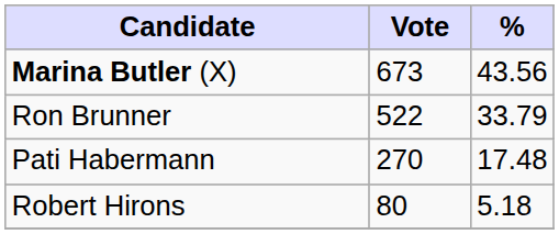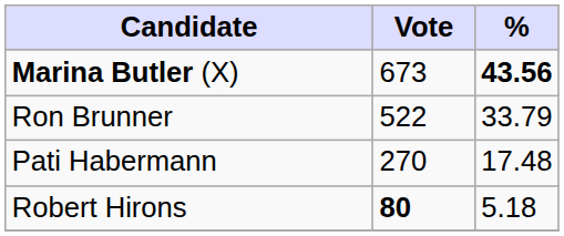 <table class="wikitable">
 <tr>
 <th style="background:#ddf; width:200px;">Candidate</th>
 <th style="background:#ddf; width:50px;">Vote</th>
 <th style="background:#ddf; width:30px;">%</th>
 </tr>
 <tr>
 <td><strong>Marina Butler</strong> (X)</td>
 <td>673</td>
-<td>43.56</td>
+<td><strong>43.56</strong></td>
 </tr>
 <tr>
 <td>Ron Brunner</td>
 <td>522</td>
 <td>33.79</td>
 </tr>
 <tr>
 <td>Pati Habermann</td>
 <td>270</td>
 <td>17.48</td>
 </tr>
 <tr>
 <td>Robert Hirons</td>
-<td>80</td>
+<td><strong>80</strong></td>
 <td>5.18</td>
 </tr>
 <tr>
 </tr>
 </table>
